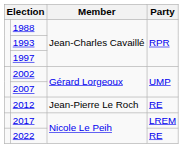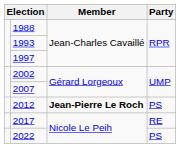 <table class="wikitable">
 <tr>
 <th colspan="2">Election</th>
 <th>Member</th>
 <th>Party</th>
 </tr>
 <tr>
 <td rowspan="3" style="background-color: "></td>
 <td><a href='#'>1988</a></td>
 <td rowspan="3">Jean-Charles Cavaillé</td>
 <td rowspan="3"><a href='#'>RPR</a></td>
 </tr>
 <tr>
 <td><a href='#'>1993</a></td>
 </tr>
 <tr>
 <td><a href='#'>1997</a></td>
 </tr>
 <tr>
 <td rowspan="2" style="background-color: "></td>
 <td><a href='#'>2002</a></td>
 <td rowspan="2"><a href='#'>Gérard Lorgeoux</a></td>
 <td rowspan="2"><a href='#'>UMP</a></td>
 </tr>
 <tr>
 <td><a href='#'>2007</a></td>
 </tr>
 <tr>
 <td style="color:inherit;background-color: "></td>
 <td><a href='#'>2012</a></td>
-<td>Jean-Pierre Le Roch</td>
-<td><a href='#'>RE</a></td>
+<td><strong>Jean-Pierre Le Roch</strong></td>
+<td><a href='#'>PS</a></td>
 </tr>
 <tr>
 <td style="color:inherit;background-color: "></td>
 <td><a href='#'>2017</a></td>
 <td rowspan="2"><a href='#'>Nicole Le Peih</a></td>
-<td><a href='#'>LREM</a></td>
+<td><a href='#'>RE</a></td>
 </tr>
 <tr>
 <td style="color:inherit;background-color: "></td>
 <td><a href='#'>2022</a></td>
-<td><a href='#'>RE</a></td>
+<td><a href='#'>PS</a></td>
 </tr>
 </table>
